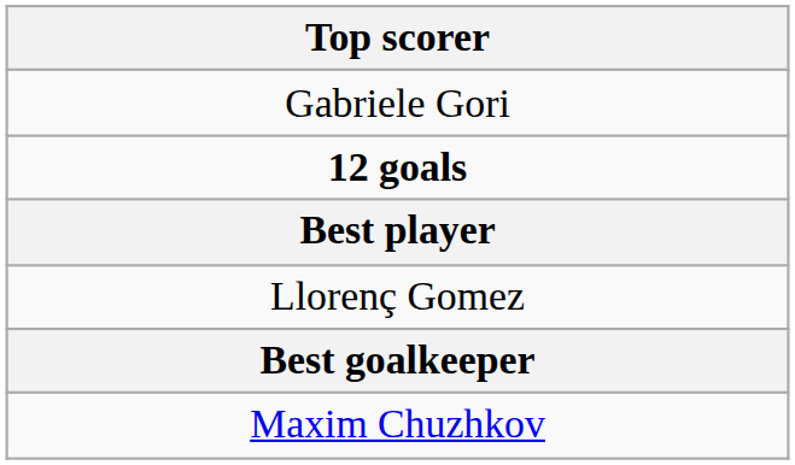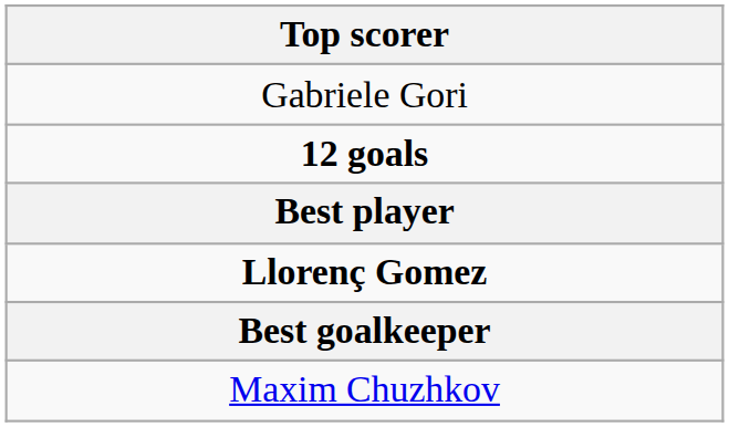 <table class="wikitable" style="margin: 1em auto 1em auto;">
 <tr>
 <th width=300>Top scorer</th>
 </tr>
 <tr align=center style="background:">
 <td style="text-align:center;"> Gabriele Gori</td>
 </tr>
 <tr>
 <td style="text-align:center;"><strong>12 goals</strong></td>
 </tr>
 <tr>
 <th>Best player</th>
 </tr>
 <tr>
-<td style="text-align:center;"> Llorenç Gomez</td>
+<td style="text-align:center;"><strong> Llorenç Gomez</strong></td>
 </tr>
 <tr>
 <th>Best goalkeeper</th>
 </tr>
 <tr>
 <td style="text-align:center;"> <a href='#'>Maxim Chuzhkov</a></td>
 </tr>
 </table>
